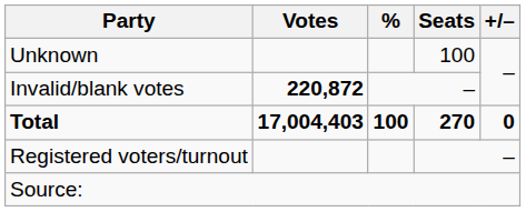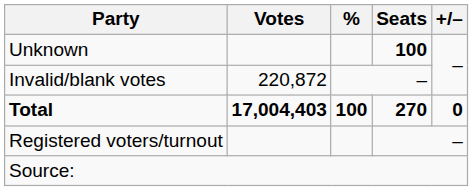 <table class=wikitable style=text-align:right>
 <tr>
 <th>Party</th>
 <th>Votes</th>
 <th>%</th>
 <th>Seats</th>
 <th>+/–</th>
 </tr>
 <tr>
 <td align=left>Unknown</td>
 <td></td>
 <td></td>
-<td>100</td>
+<td><strong>100</strong></td>
 <td rowspan="2">–</td>
 </tr>
 <tr>
 <td align=left>Invalid/blank votes</td>
-<td><strong>220,872</strong></td>
+<td>220,872</td>
 <td colspan="2">–</td>
 </tr>
 <tr>
 <td align=left><strong>Total</strong></td>
 <td><strong>17,004,403</strong></td>
 <td><strong>100</strong></td>
 <td><strong>270</strong></td>
 <td><strong>0</strong></td>
 </tr>
 <tr>
 <td align=left>Registered voters/turnout</td>
 <td></td>
 <td></td>
 <td colspan="2">–</td>
 </tr>
 <tr>
 <td colspan=5 align=left>Source: </td>
 </tr>
 </table>
